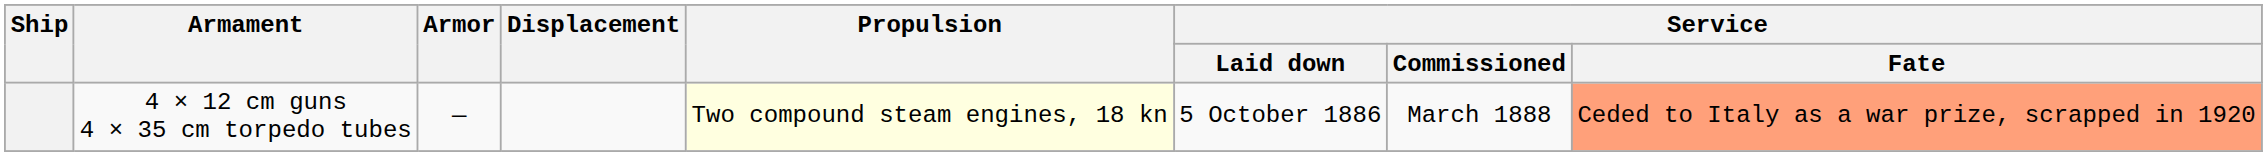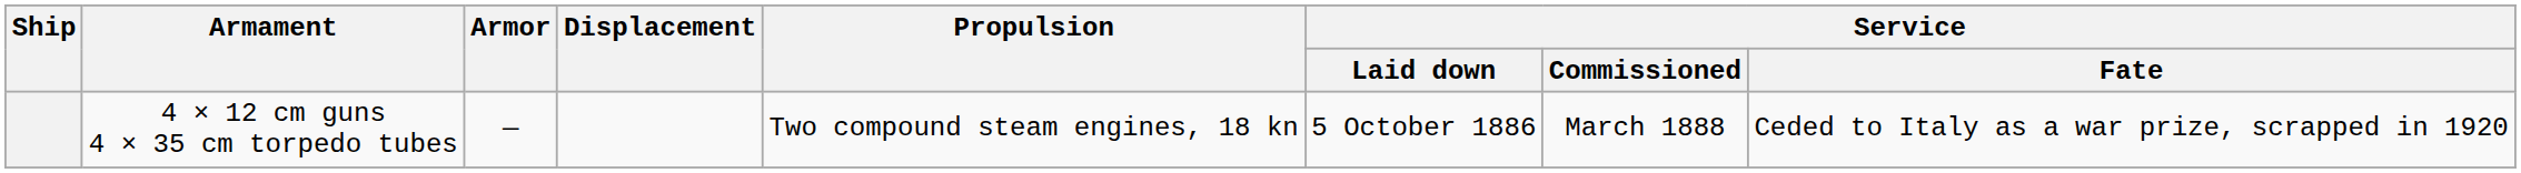 <table class="wikitable plainrowheaders" style="text-align: center;">
 <tr valign="top">
 <th scope="col" rowspan="2">Ship</th>
 <th scope="col" rowspan="2">Armament</th>
 <th scope="col" rowspan="2">Armor</th>
 <th scope="col" rowspan="2">Displacement</th>
 <th scope="col" rowspan="2">Propulsion</th>
 <th scope="col" colspan="3">Service</th>
 </tr>
 <tr valign="top">
 <th scope="col">Laid down</th>
 <th scope="col">Commissioned</th>
 <th scope="col">Fate</th>
 </tr>
 <tr valign="center">
 <th scope="row"></th>
 <td>4 × 12 cm guns<br>4 × 35 cm torpedo tubes</td>
 <td>—</td>
 <td></td>
-<td style="background: lightyellow;">Two compound steam engines, 18 kn</td>
+<td>Two compound steam engines, 18 kn</td>
 <td>5 October 1886</td>
 <td>March 1888</td>
-<td style="background: lightsalmon;">Ceded to Italy as a war prize, scrapped in 1920</td>
+<td>Ceded to Italy as a war prize, scrapped in 1920</td>
 </tr>
 </table>
